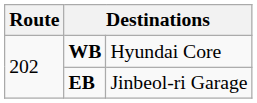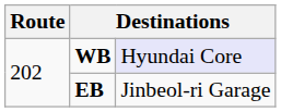 <table class="wikitable">
 <tr>
 <th>Route</th>
 <th colspan="2">Destinations</th>
 </tr>
 <tr>
 <td rowspan=2><span> 202 </span></td>
 <td><strong>WB</strong></td>
-<td>Hyundai Core</td>
+<td style="background: lavender;">Hyundai Core</td>
 </tr>
 <tr>
 <td><strong>EB</strong></td>
 <td>Jinbeol-ri Garage</td>
 </tr>
 </table>
